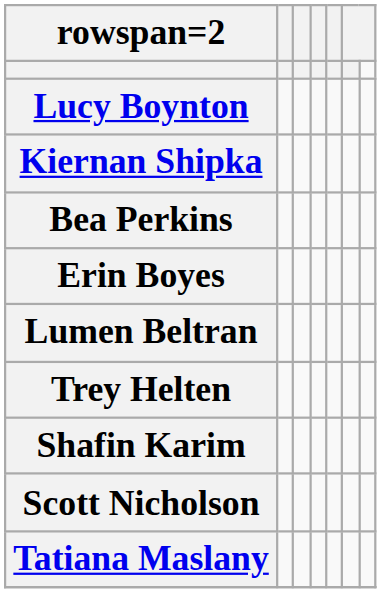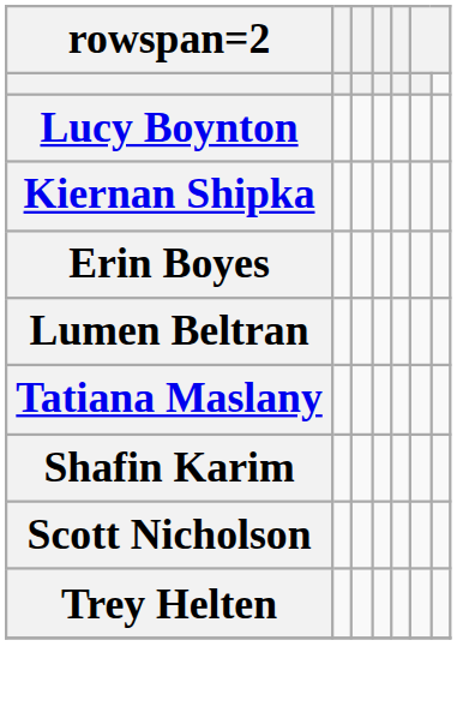 <table class="wikitable" style="text-align:center;font-size:100%;vertical-align:bottom;">
 <tr>
 <th>rowspan=2 </th>
 <th></th>
 <th></th>
 <th></th>
 <th></th>
 <th colspan="2"></th>
 </tr>
 <tr>
 <th></th>
 <th></th>
 <th></th>
 <th></th>
 <th></th>
 <th></th>
 </tr>
 <tr>
 <th><a href='#'>Lucy Boynton</a></th>
 <td></td>
 <td></td>
 <td></td>
 <td></td>
 <td></td>
 <td></td>
 </tr>
 <tr>
 <th><a href='#'>Kiernan Shipka</a></th>
 <td></td>
 <td></td>
 <td></td>
 <td></td>
 <td></td>
 <td></td>
 </tr>
 <tr>
-<th>Bea Perkins</th>
-<td></td>
-<td></td>
-<td></td>
-<td></td>
-<td></td>
-<td></td>
-</tr>
-<tr>
 <th>Erin Boyes</th>
 <td></td>
 <td></td>
 <td></td>
 <td></td>
 <td></td>
 <td></td>
 </tr>
 <tr>
 <th>Lumen Beltran</th>
 <td></td>
 <td></td>
 <td></td>
 <td></td>
 <td></td>
 <td></td>
 </tr>
 <tr>
-<th>Trey Helten</th>
+<th><a href='#'>Tatiana Maslany</a></th>
 <td></td>
 <td></td>
 <td></td>
 <td></td>
 <td></td>
 <td></td>
 </tr>
 <tr>
 <th>Shafin Karim</th>
 <td></td>
 <td></td>
 <td></td>
 <td></td>
 <td></td>
 <td></td>
 </tr>
 <tr>
 <th>Scott Nicholson</th>
 <td></td>
 <td></td>
 <td></td>
 <td></td>
 <td></td>
 <td></td>
 </tr>
 <tr>
-<th><a href='#'>Tatiana Maslany</a></th>
+<th>Trey Helten</th>
 <td></td>
 <td></td>
 <td></td>
 <td></td>
 <td></td>
 <td></td>
 </tr>
 <tr>
 </tr>
 </table>
